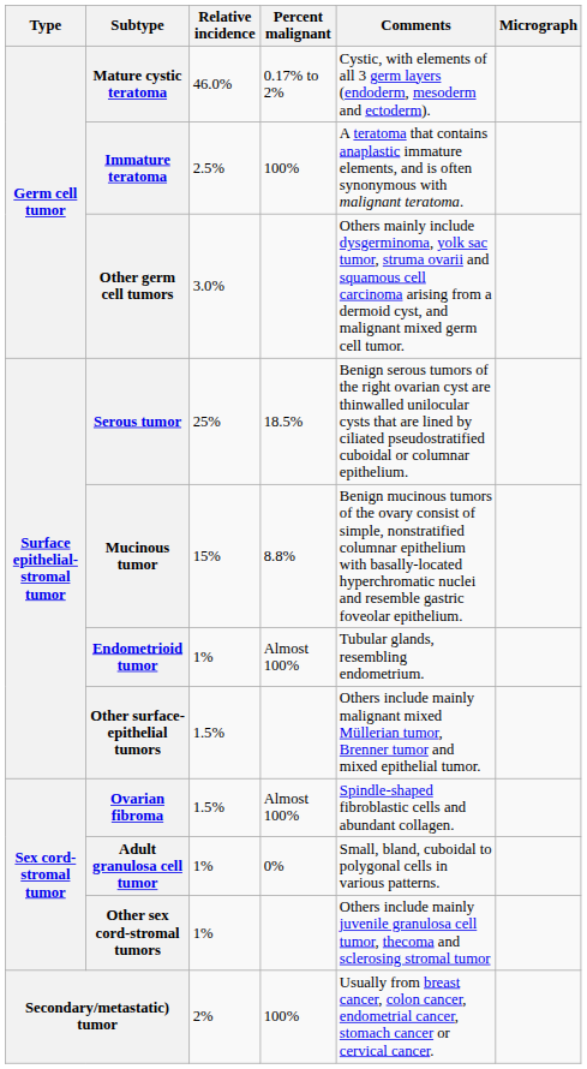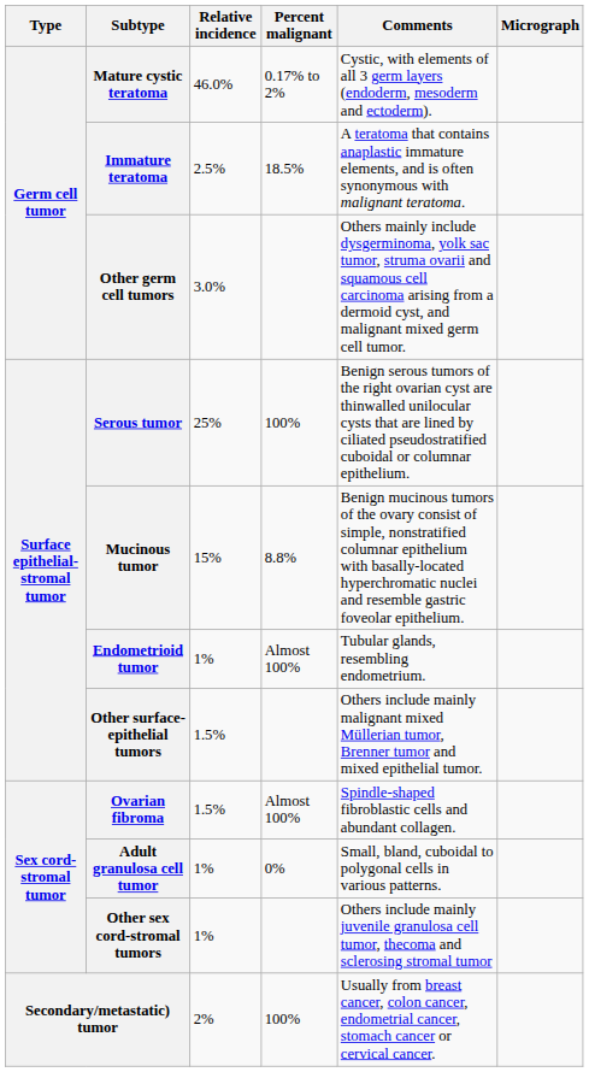 <table class="wikitable">
 <tr>
 <th>Type</th>
 <th>Subtype</th>
 <th>Relative incidence</th>
 <th>Percent malignant</th>
 <th>Comments</th>
 <th>Micrograph</th>
 </tr>
 <tr>
 <th rowspan=3><a href='#'>Germ cell tumor</a></th>
 <th>Mature cystic <a href='#'>teratoma</a></th>
 <td>46.0%</td>
 <td>0.17% to 2%</td>
 <td>Cystic, with elements of all 3 <a href='#'>germ layers</a> (<a href='#'>endoderm</a>, <a href='#'>mesoderm</a> and <a href='#'>ectoderm</a>).</td>
 <td></td>
 </tr>
 <tr>
 <th><a href='#'>Immature teratoma</a></th>
 <td>2.5%</td>
-<td>100%</td>
+<td>18.5%</td>
 <td>A <a href='#'>teratoma</a> that contains <a href='#'>anaplastic</a> immature elements, and is often synonymous with <em>malignant teratoma</em>.</td>
 <td></td>
 </tr>
 <tr>
 <th>Other germ cell tumors</th>
 <td>3.0%</td>
 <td></td>
 <td>Others mainly include <a href='#'>dysgerminoma</a>, <a href='#'>yolk sac tumor</a>, <a href='#'>struma ovarii</a> and <a href='#'>squamous cell carcinoma</a> arising from a dermoid cyst, and malignant mixed germ cell tumor.</td>
 <td></td>
 </tr>
 <tr>
 <th rowspan=4><a href='#'>Surface epithelial-stromal tumor</a></th>
 <th><a href='#'>Serous tumor</a></th>
 <td>25%</td>
-<td>18.5%</td>
+<td>100%</td>
 <td>Benign serous tumors of the right ovarian cyst are thinwalled unilocular cysts that are lined by ciliated pseudostratified cuboidal or columnar epithelium.</td>
 <td></td>
 </tr>
 <tr>
 <th>Mucinous tumor</th>
 <td>15%</td>
 <td>8.8%</td>
 <td>Benign mucinous tumors of the ovary consist of simple, nonstratified columnar epithelium with basally-located hyperchromatic nuclei and resemble gastric foveolar epithelium.</td>
 <td></td>
 </tr>
 <tr>
 <th><a href='#'>Endometrioid tumor</a></th>
 <td>1%</td>
 <td>Almost 100%</td>
 <td>Tubular glands, resembling endometrium.</td>
 <td></td>
 </tr>
 <tr>
 <th>Other surface-epithelial tumors</th>
 <td>1.5%</td>
 <td></td>
 <td>Others include mainly malignant mixed <a href='#'>Müllerian tumor</a>, <a href='#'>Brenner tumor</a> and mixed epithelial tumor.</td>
 <td></td>
 </tr>
 <tr>
 <th rowspan=3><a href='#'>Sex cord-stromal tumor</a></th>
 <th><a href='#'>Ovarian fibroma</a></th>
 <td>1.5%</td>
 <td>Almost 100%</td>
 <td><a href='#'>Spindle-shaped</a> fibroblastic cells and abundant collagen.</td>
 <td></td>
 </tr>
 <tr>
 <th>Adult <a href='#'>granulosa cell tumor</a></th>
 <td>1%</td>
 <td>0%</td>
 <td>Small, bland, cuboidal to polygonal cells in various patterns.</td>
 <td></td>
 </tr>
 <tr>
 <th>Other sex cord-stromal tumors</th>
 <td>1%</td>
 <td></td>
 <td>Others include mainly <a href='#'>juvenile granulosa cell tumor</a>, <a href='#'>thecoma</a> and <a href='#'>sclerosing stromal tumor</a></td>
 <td></td>
 </tr>
 <tr>
 <th colspan=2>Secondary/metastatic) tumor</th>
 <td>2%</td>
 <td>100%</td>
 <td>Usually from <a href='#'>breast cancer</a>, <a href='#'>colon cancer</a>, <a href='#'>endometrial cancer</a>, <a href='#'>stomach cancer</a> or <a href='#'>cervical cancer</a>.</td>
 <td></td>
 </tr>
 </table>
